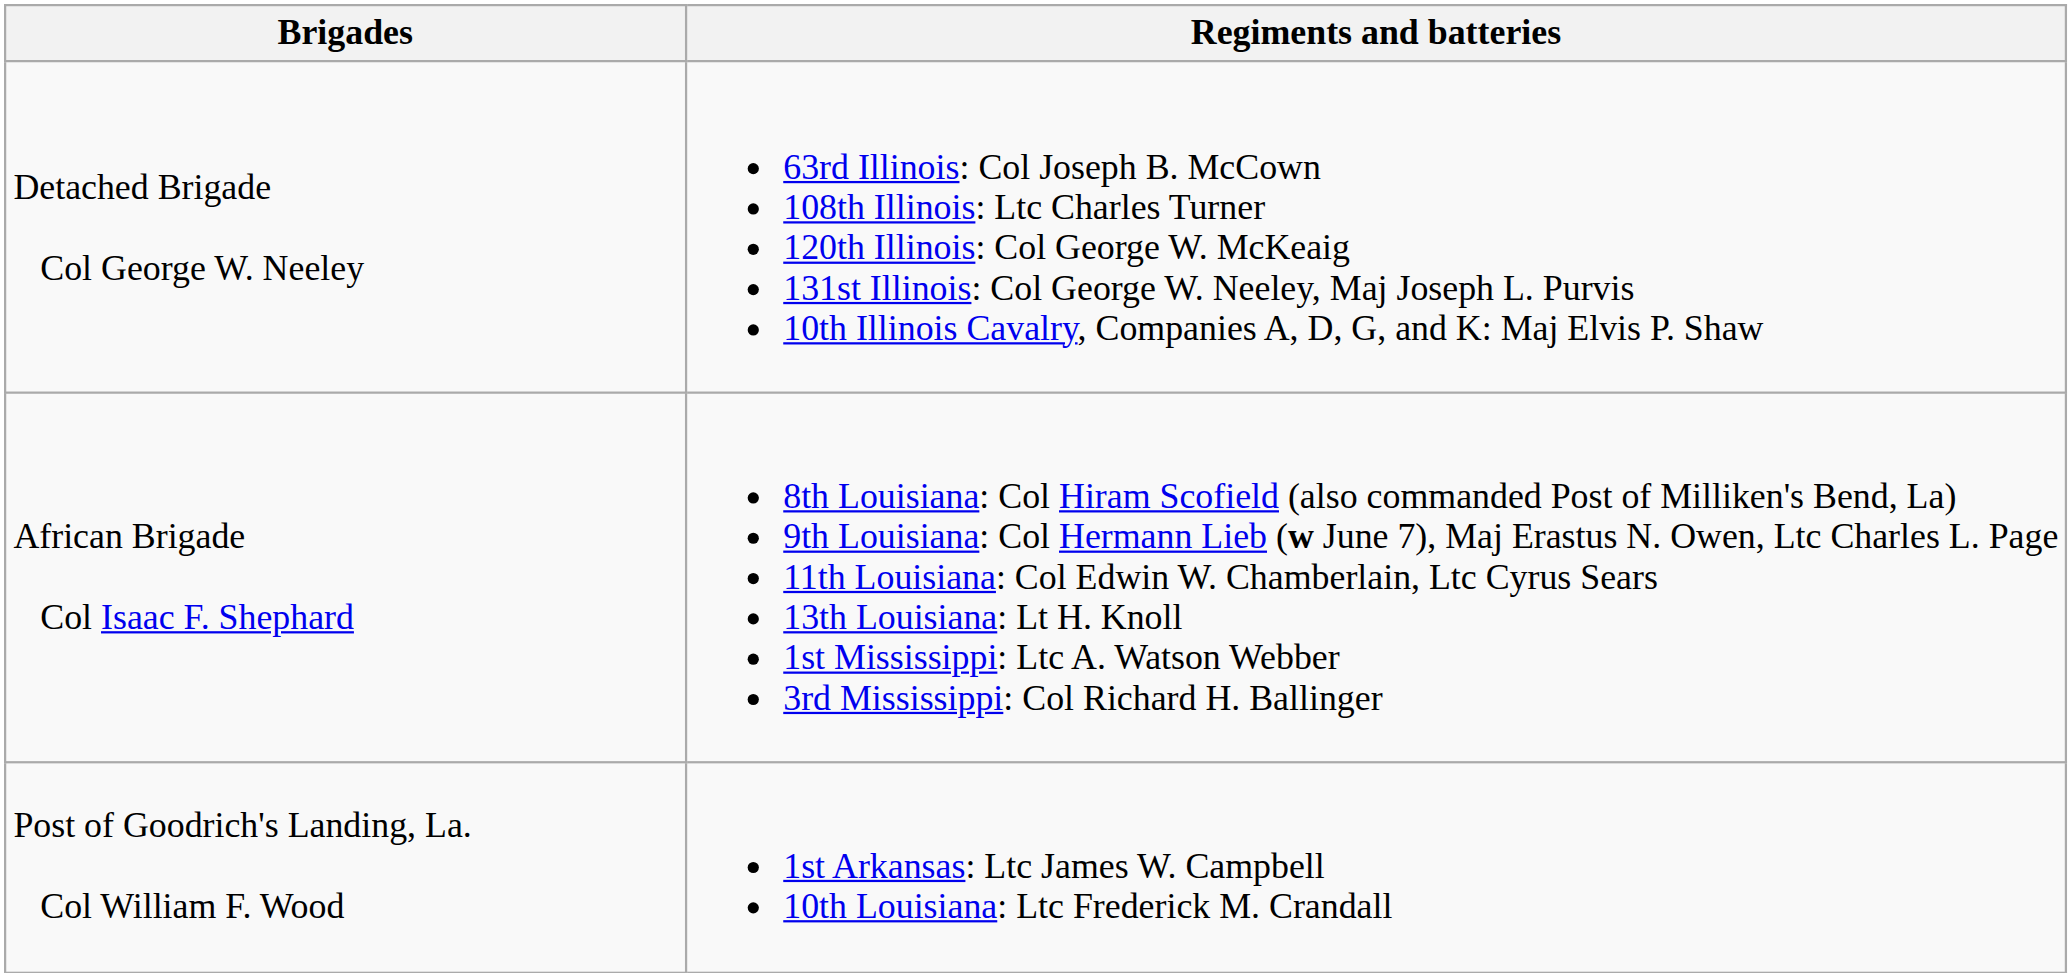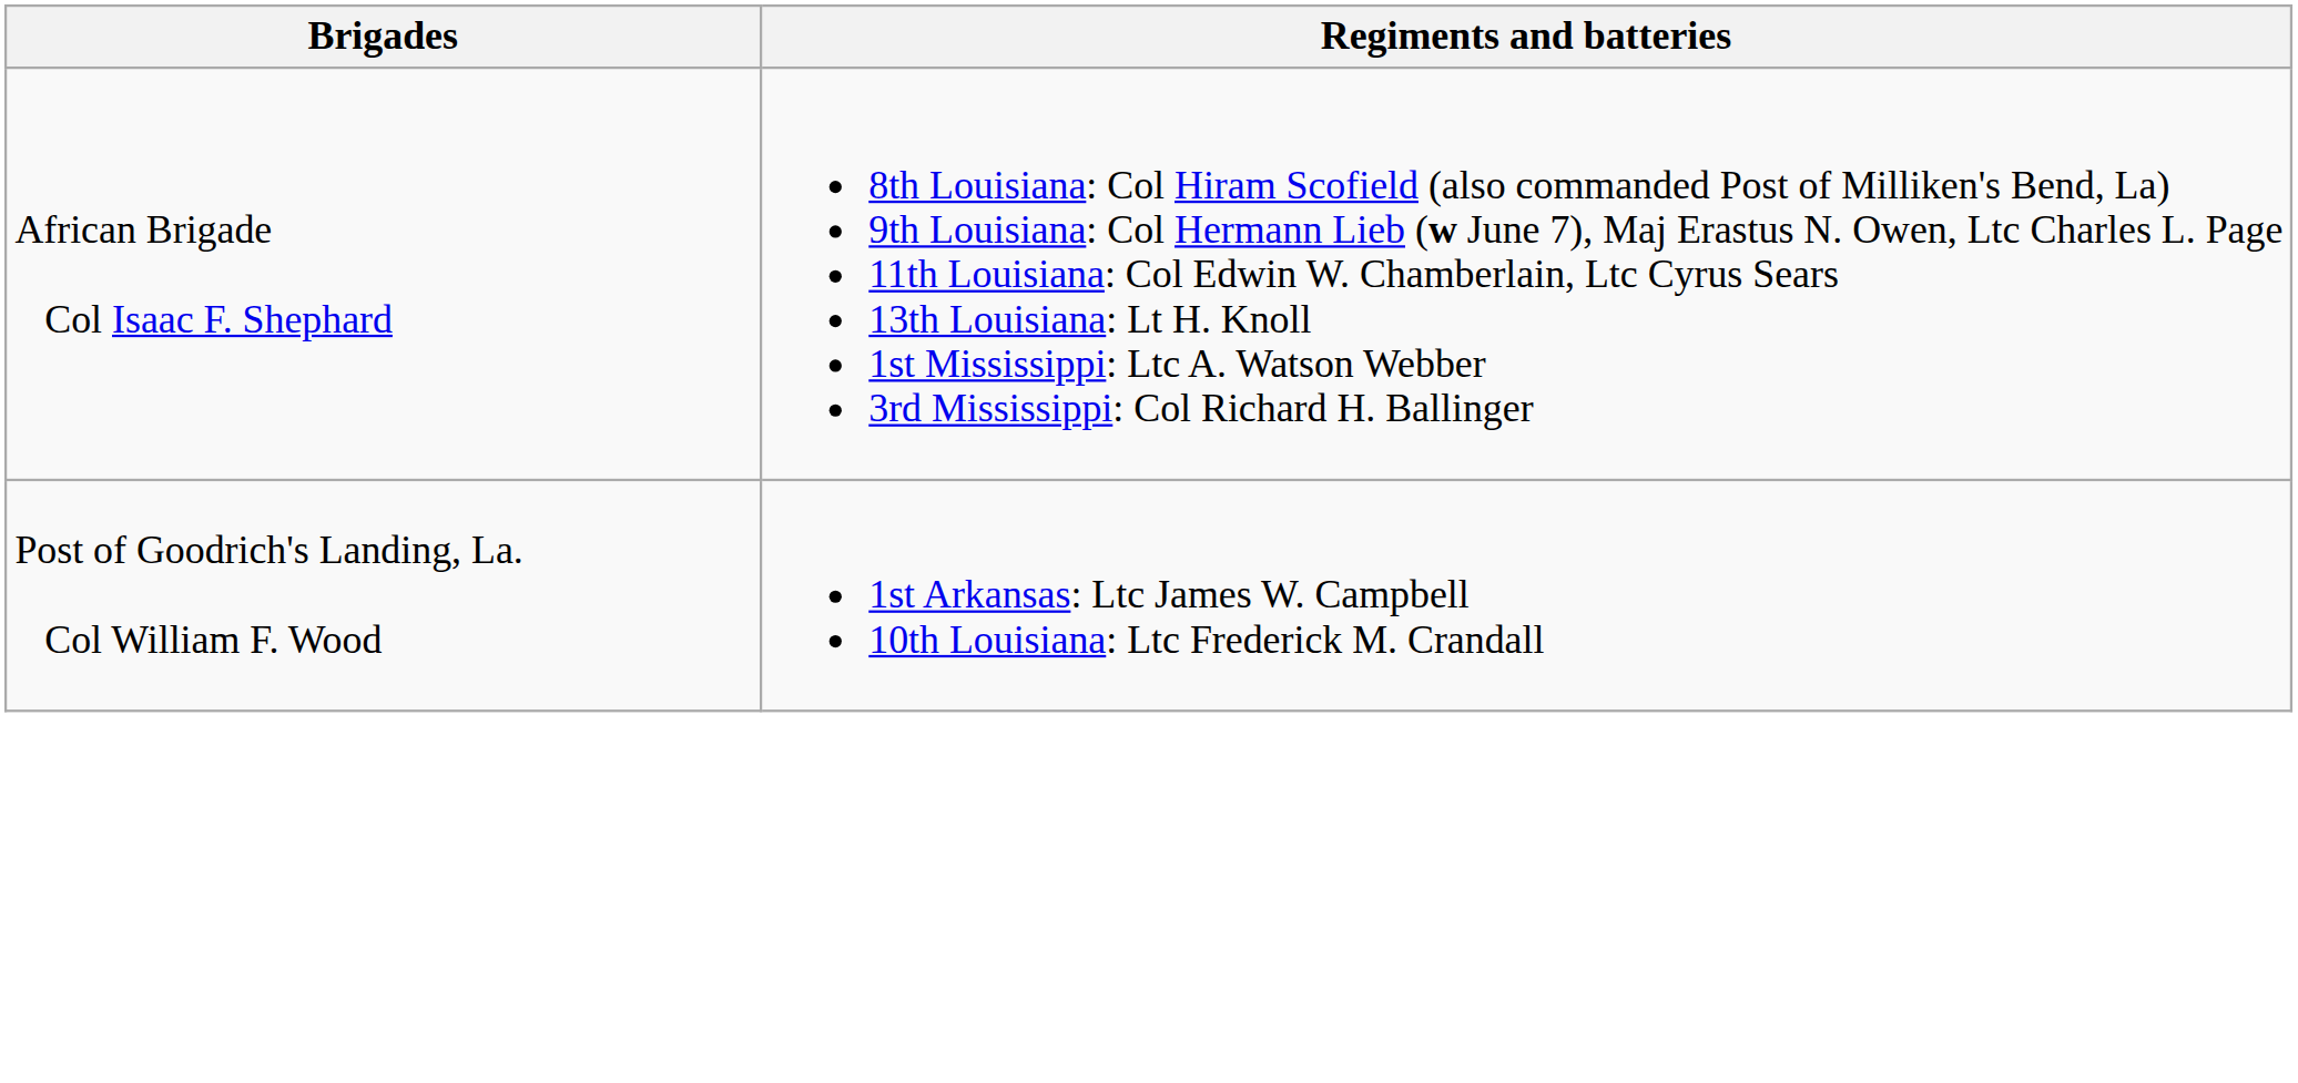 <table class="wikitable">
 <tr>
 <th width=33%><strong>Brigades</strong></th>
 <th><strong>Regiments and batteries</strong></th>
-</tr>
-<tr>
-<td>Detached Brigade<br><br>   Col George W. Neeley</td>
-<td><br><ul><li><a href='#'>63rd Illinois</a>: Col Joseph B. McCown</li><li><a href='#'>108th Illinois</a>: Ltc Charles Turner</li><li><a href='#'>120th Illinois</a>: Col George W. McKeaig</li><li><a href='#'>131st Illinois</a>: Col George W. Neeley, Maj Joseph L. Purvis</li><li><a href='#'>10th Illinois Cavalry</a>, Companies A, D, G, and K: Maj Elvis P. Shaw</li></ul></td>
 </tr>
 <tr>
 <td>African Brigade<br><br>   Col <a href='#'>Isaac F. Shephard</a></td>
 <td><br><ul><li><a href='#'>8th Louisiana</a>: Col <a href='#'>Hiram Scofield</a> (also commanded Post of Milliken's Bend, La)</li><li><a href='#'>9th Louisiana</a>: Col <a href='#'>Hermann Lieb</a> (<strong>w</strong> June 7), Maj Erastus N. Owen, Ltc Charles L. Page</li><li><a href='#'>11th Louisiana</a>: Col Edwin W. Chamberlain, Ltc Cyrus Sears</li><li><a href='#'>13th Louisiana</a>: Lt H. Knoll</li><li><a href='#'>1st Mississippi</a>: Ltc A. Watson Webber</li><li><a href='#'>3rd Mississippi</a>: Col Richard H. Ballinger</li></ul></td>
 </tr>
 <tr>
 <td>Post of Goodrich's Landing, La.<br><br>   Col William F. Wood</td>
 <td><br><ul><li><a href='#'>1st Arkansas</a>: Ltc James W. Campbell</li><li><a href='#'>10th Louisiana</a>: Ltc Frederick M. Crandall</li></ul></td>
 </tr>
 </table>
